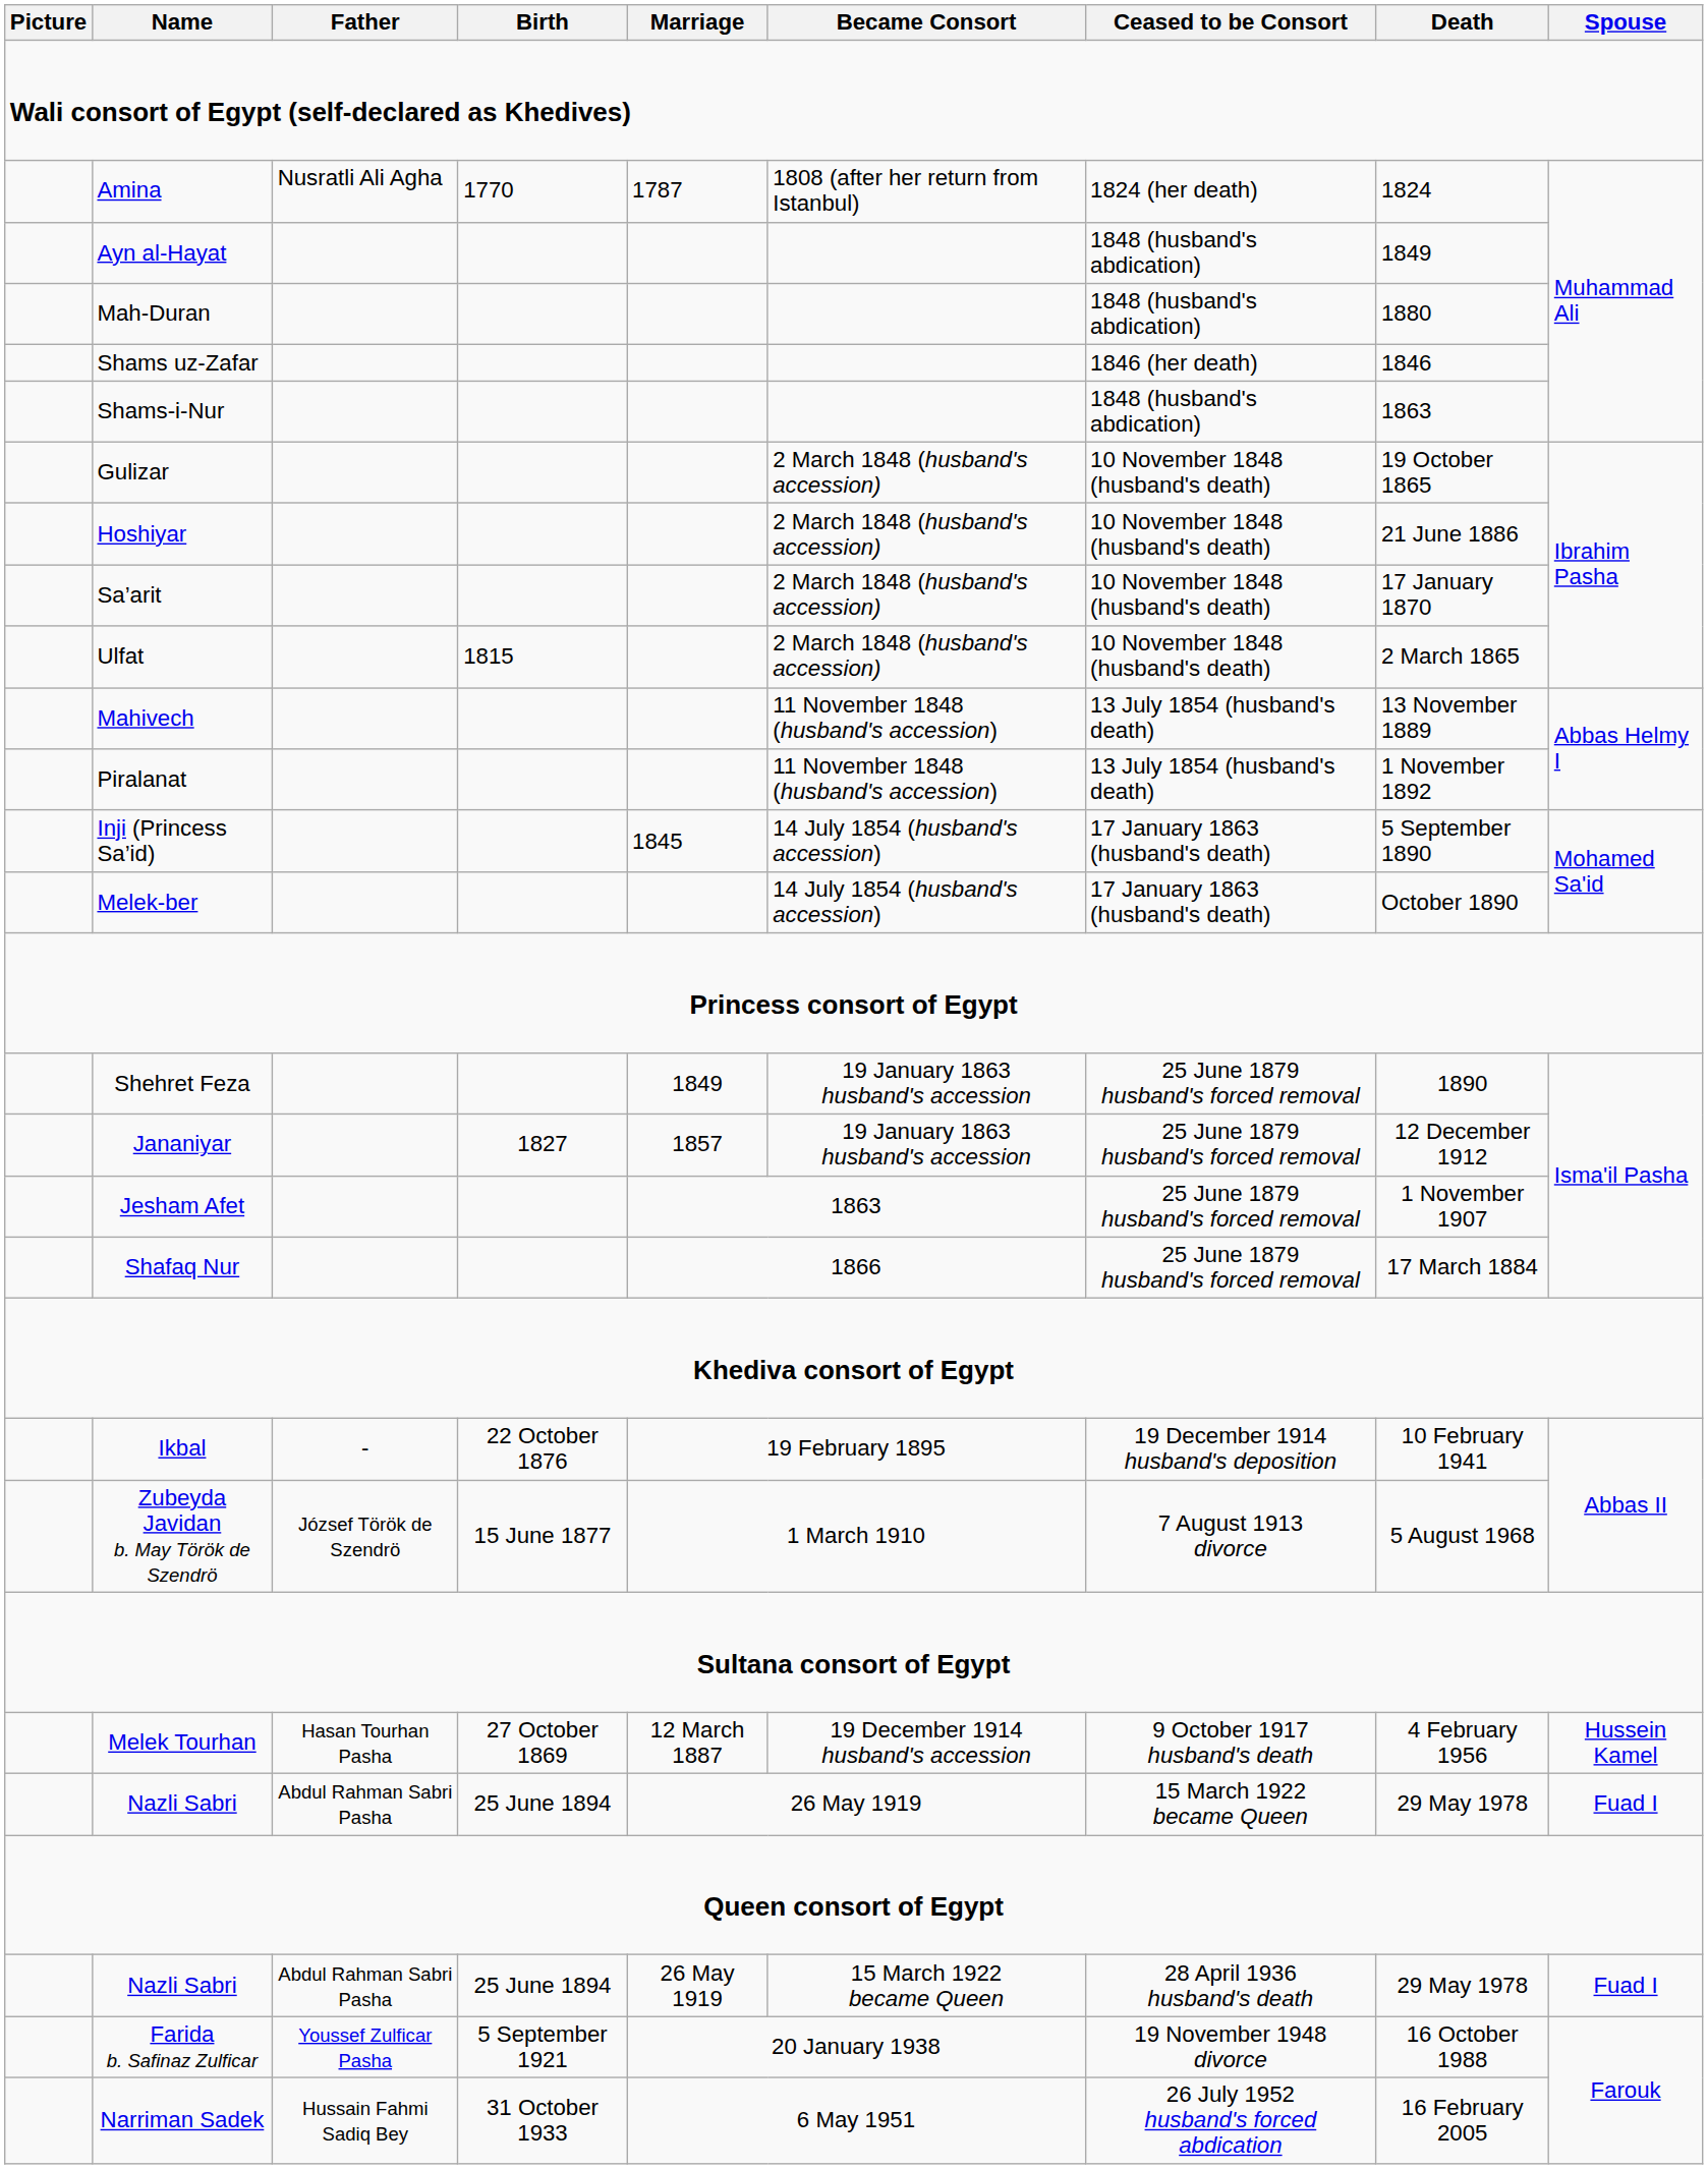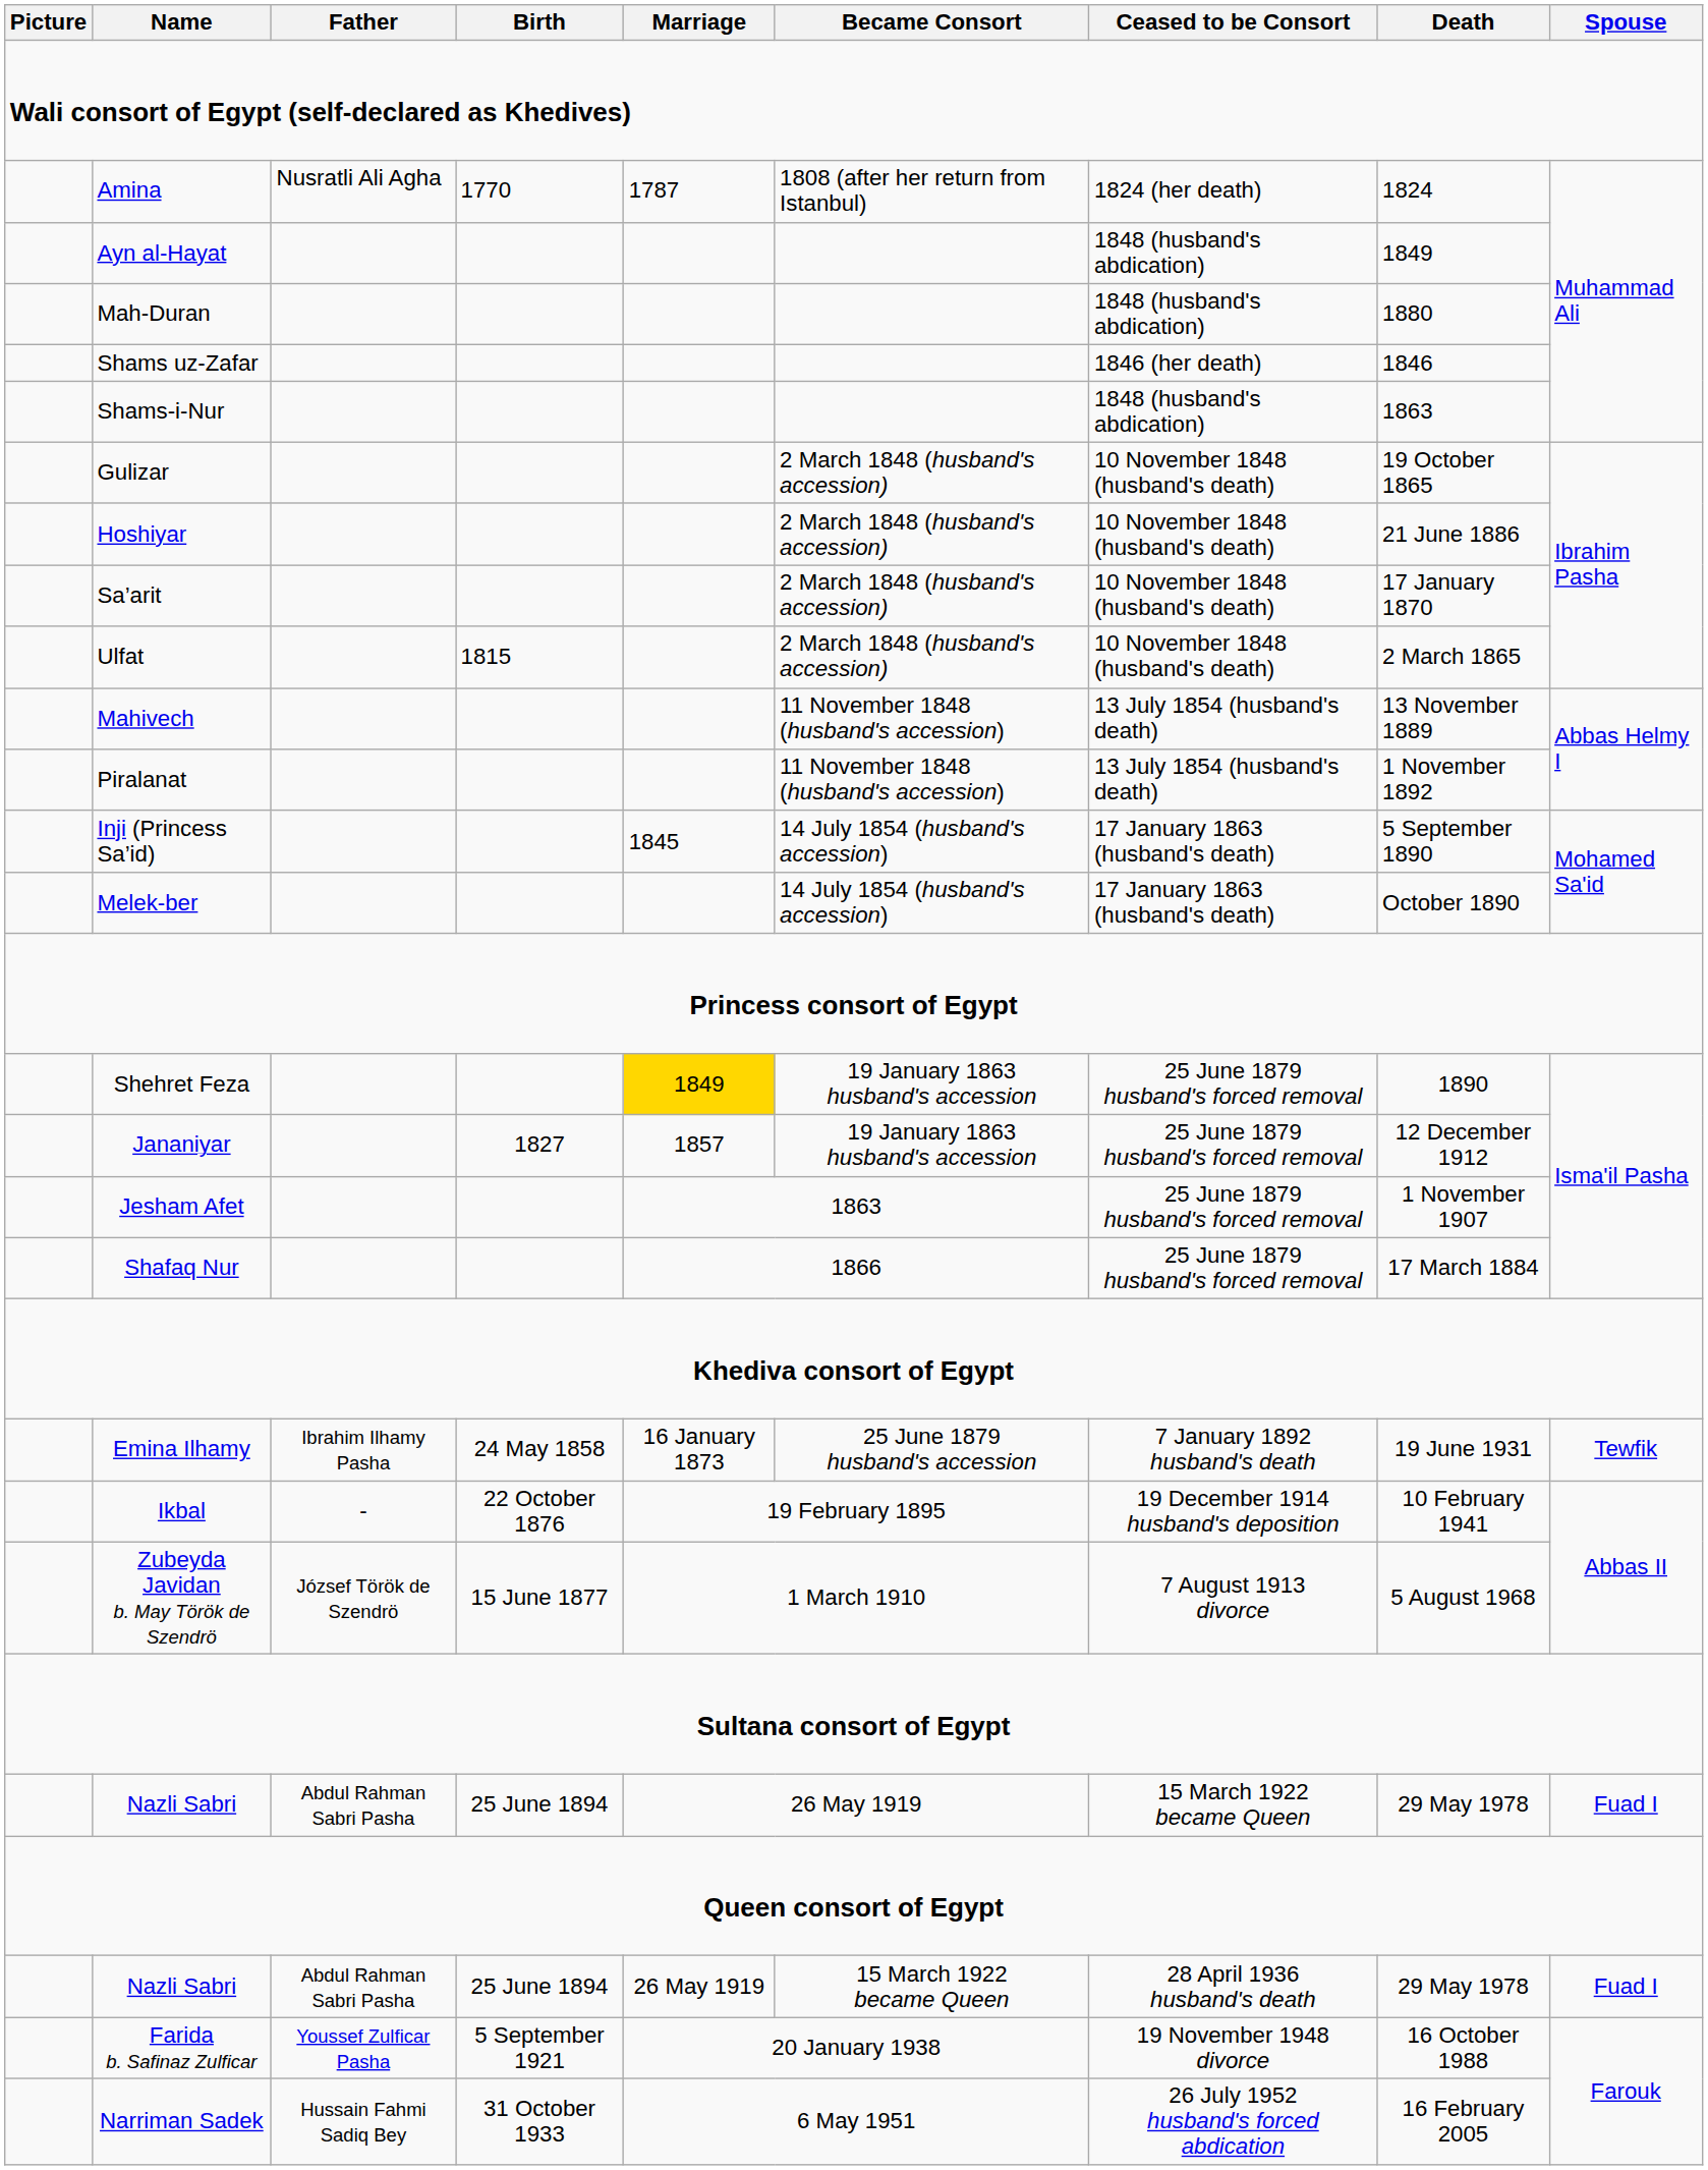 <table width=95% class="wikitable">
 <tr>
 <th>Picture</th>
 <th>Name</th>
 <th>Father</th>
 <th>Birth</th>
 <th>Marriage</th>
 <th>Became Consort</th>
 <th>Ceased to be Consort</th>
 <th>Death</th>
 <th><a href='#'>Spouse</a></th>
 </tr>
 <tr>
 <td colspan="9"><br><h3><div> Wali consort of Egypt (self-declared as Khedives) </div></h3></td>
 </tr>
 <tr>
 <td></td>
 <td><a href='#'>Amina</a></td>
 <td>Nusratli Ali Agha<br><br></td>
 <td>1770</td>
 <td>1787</td>
 <td>1808 (after her return from Istanbul)</td>
 <td>1824 (her death)</td>
 <td>1824</td>
 <td rowspan="5"><a href='#'>Muhammad Ali</a></td>
 </tr>
 <tr>
 <td></td>
 <td><a href='#'>Ayn al-Hayat</a></td>
 <td></td>
 <td></td>
 <td></td>
 <td></td>
 <td>1848 (husband's abdication)</td>
 <td>1849</td>
 </tr>
 <tr>
 <td></td>
 <td>Mah-Duran</td>
 <td></td>
 <td></td>
 <td></td>
 <td></td>
 <td>1848 (husband's abdication)</td>
 <td>1880</td>
 </tr>
 <tr>
 <td></td>
 <td>Shams uz-Zafar</td>
 <td></td>
 <td></td>
 <td></td>
 <td></td>
 <td>1846 (her death)</td>
 <td>1846</td>
 </tr>
 <tr>
 <td></td>
 <td>Shams-i-Nur</td>
 <td></td>
 <td></td>
 <td></td>
 <td></td>
 <td>1848 (husband's abdication)</td>
 <td>1863</td>
 </tr>
 <tr>
 <td></td>
 <td>Gulizar</td>
 <td></td>
 <td></td>
 <td></td>
 <td>2 March 1848 (<em>husband's accession)</em></td>
 <td>10 November 1848 (husband's death)</td>
 <td>19 October 1865</td>
 <td rowspan="4"><a href='#'>Ibrahim Pasha</a></td>
 </tr>
 <tr>
 <td></td>
 <td><a href='#'>Hoshiyar</a></td>
 <td></td>
 <td></td>
 <td></td>
 <td>2 March 1848 (<em>husband's accession)</em></td>
 <td>10 November 1848 (husband's death)</td>
 <td>21 June 1886</td>
 </tr>
 <tr>
 <td></td>
 <td>Sa’arit</td>
 <td></td>
 <td></td>
 <td></td>
 <td>2 March 1848 (<em>husband's accession)</em></td>
 <td>10 November 1848 (husband's death)</td>
 <td>17 January 1870</td>
 </tr>
 <tr>
 <td></td>
 <td>Ulfat</td>
 <td></td>
 <td>1815</td>
 <td></td>
 <td>2 March 1848 (<em>husband's accession)</em></td>
 <td>10 November 1848 (husband's death)</td>
 <td>2 March 1865</td>
 </tr>
 <tr>
 <td></td>
 <td><a href='#'>Mahivech</a></td>
 <td></td>
 <td></td>
 <td></td>
 <td>11 November 1848 (<em>husband's accession</em>)</td>
 <td>13 July 1854 (husband's death)</td>
 <td>13 November 1889</td>
 <td rowspan="2"><a href='#'>Abbas Helmy I</a></td>
 </tr>
 <tr>
 <td></td>
 <td>Piralanat</td>
 <td></td>
 <td></td>
 <td></td>
 <td>11 November 1848 (<em>husband's accession</em>)</td>
 <td>13 July 1854 (husband's death)</td>
 <td>1 November 1892</td>
 </tr>
 <tr>
 <td></td>
 <td><a href='#'>Inji</a> (Princess Sa’id)</td>
 <td></td>
 <td></td>
 <td>1845</td>
 <td>14 July 1854 (<em>husband's accession</em>)</td>
 <td>17 January 1863 (husband's death)</td>
 <td>5 September 1890</td>
 <td rowspan="2"><a href='#'>Mohamed Sa'id</a></td>
 </tr>
 <tr>
 <td></td>
 <td><a href='#'>Melek-ber</a></td>
 <td></td>
 <td></td>
 <td></td>
 <td>14 July 1854 (<em>husband's accession</em>)</td>
 <td>17 January 1863 (husband's death)</td>
 <td>October 1890</td>
 </tr>
 <tr>
 <td align="center" colspan="9"><br><h3>Princess consort of Egypt</h3></td>
 </tr>
 <tr>
 <td align="center"></td>
 <td align="center">Shehret Feza</td>
 <td align="center"></td>
 <td align="center"></td>
-<td align="center">1849</td>
+<td align="center" style="background: gold;">1849</td>
 <td align="center">19 January 1863<br><em>husband's accession</em></td>
 <td align="center">25 June 1879<br><em>husband's forced removal</em></td>
 <td align="center">1890</td>
 <td rowspan="4"><a href='#'>Isma'il Pasha</a></td>
 </tr>
 <tr>
 <td></td>
 <td align="center"><a href='#'>Jananiyar</a></td>
 <td align="center"></td>
 <td align="center">1827</td>
 <td align="center">1857</td>
 <td align="center">19 January 1863<br><em>husband's accession</em></td>
 <td align="center">25 June 1879<br><em>husband's forced removal</em></td>
 <td align="center">12 December 1912</td>
 </tr>
 <tr>
 <td align="center"></td>
 <td align="center"><a href='#'>Jesham Afet</a></td>
 <td align="center"></td>
 <td align="center"></td>
 <td align="center" colspan="2">1863</td>
 <td align="center">25 June 1879<br><em>husband's forced removal</em></td>
 <td align="center">1 November 1907</td>
 </tr>
 <tr>
 <td align="center"></td>
 <td align="center"><a href='#'>Shafaq Nur</a></td>
 <td align="center"></td>
 <td align="center"></td>
 <td align="center" colspan="2">1866</td>
 <td align="center">25 June 1879<br><em>husband's forced removal</em></td>
 <td align="center">17 March 1884</td>
 </tr>
 <tr>
 <td align="center" colspan="9"><br><h3>Khediva consort of Egypt</h3></td>
 </tr>
 <tr>
 <td align="center"></td>
+<td align="center"><a href='#'>Emina Ilhamy</a></td>
+<td align="center"><small>Ibrahim Ilhamy Pasha</small></td>
+<td align="center">24 May 1858</td>
+<td align="center">16 January 1873</td>
+<td align="center">25 June 1879<br><em>husband's accession</em></td>
+<td align="center">7 January 1892<br><em>husband's death</em></td>
+<td align="center">19 June 1931</td>
+<td align="center"><a href='#'>Tewfik</a></td>
+</tr>
+<tr>
+<td align="center"></td>
 <td align="center"><a href='#'>Ikbal</a></td>
 <td align="center">-</td>
 <td align="center">22 October 1876</td>
 <td align="center" colspan="2">19 February 1895</td>
 <td align="center">19 December 1914<br><em>husband's deposition</em></td>
 <td align="center">10 February 1941</td>
 <td align="center" rowspan="2"><a href='#'>Abbas II</a></td>
 </tr>
 <tr>
 <td align="center"></td>
 <td align="center"><a href='#'>Zubeyda Javidan</a><br><small><em>b. May Török de Szendrö</em></small></td>
 <td align="center"><small>József Török de Szendrö</small></td>
 <td align="center">15 June 1877</td>
 <td align="center" colspan="2">1 March 1910</td>
 <td align="center">7 August 1913<br><em>divorce</em></td>
 <td align="center">5 August 1968</td>
 </tr>
 <tr>
 <td align="center" colspan="9"><br><h3>Sultana consort of Egypt</h3></td>
-</tr>
-<tr>
-<td align="center"></td>
-<td align="center"><a href='#'>Melek Tourhan</a></td>
-<td align="center"><small>Hasan Tourhan Pasha</small></td>
-<td align="center">27 October 1869</td>
-<td align="center">12 March 1887</td>
-<td align="center">19 December 1914<br><em>husband's accession</em></td>
-<td align="center">9 October 1917<br><em>husband's death</em></td>
-<td align="center">4 February 1956</td>
-<td align="center"><a href='#'>Hussein Kamel</a></td>
 </tr>
 <tr>
 <td align="center"></td>
 <td align="center"><a href='#'>Nazli Sabri</a></td>
 <td align="center"><small>Abdul Rahman Sabri Pasha</small></td>
 <td align="center">25 June 1894</td>
 <td align="center" colspan="2">26 May 1919</td>
 <td align="center">15 March 1922<br><em>became Queen</em></td>
 <td align="center">29 May 1978</td>
 <td align="center"><a href='#'>Fuad I</a></td>
 </tr>
 <tr>
 <td align="center" colspan="9"><br><h3>Queen consort of Egypt</h3></td>
 </tr>
 <tr>
 <td align="center"></td>
 <td align="center"><a href='#'>Nazli Sabri</a></td>
 <td align="center"><small>Abdul Rahman Sabri Pasha</small></td>
 <td align="center">25 June 1894</td>
 <td align="center">26 May 1919</td>
 <td align="center">15 March 1922<br><em>became Queen</em></td>
 <td align="center">28 April 1936<br><em>husband's death</em></td>
 <td align="center">29 May 1978</td>
 <td align="center"><a href='#'>Fuad I</a></td>
 </tr>
 <tr>
 <td align="center"></td>
 <td align="center"><a href='#'>Farida</a><br><small><em>b. Safinaz Zulficar</em></small></td>
 <td align="center"><small><a href='#'>Youssef Zulficar Pasha</a></small></td>
 <td align="center">5 September 1921</td>
 <td align="center" colspan="2">20 January 1938</td>
 <td align="center">19 November 1948<br><em>divorce</em></td>
 <td align="center">16 October 1988</td>
 <td align="center" rowspan="2"><a href='#'>Farouk</a></td>
 </tr>
 <tr>
 <td align="center"></td>
 <td align="center"><a href='#'>Narriman Sadek</a></td>
 <td align="center"><small>Hussain Fahmi Sadiq Bey</small></td>
 <td align="center">31 October 1933</td>
 <td align="center" colspan="2">6 May 1951</td>
 <td align="center">26 July 1952<br><em><a href='#'>husband's forced abdication</a></em></td>
 <td align="center">16 February 2005</td>
 </tr>
 </table>
